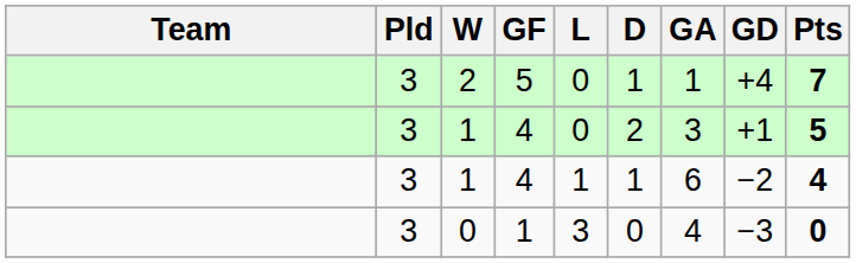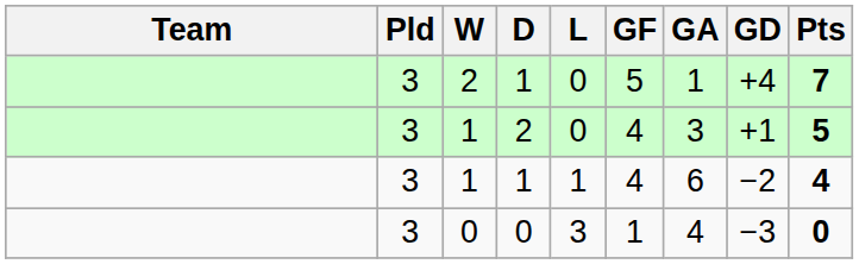 <table class="wikitable" style="text-align:center;">
 <tr>
 <th width=180>Team</th>
 <th width=20>Pld</th>
 <th width=20>W</th>
+<th width=20>D</th>
+<th width=20>L</th>
 <th width=20>GF</th>
-<th width=20>L</th>
-<th width=20>D</th>
 <th width=20>GA</th>
 <th width=20>GD</th>
 <th width=20>Pts</th>
 </tr>
 <tr bgcolor=ccffcc>
 <td align="left"></td>
 <td>3</td>
 <td>2</td>
+<td>1</td>
+<td>0</td>
 <td>5</td>
-<td>0</td>
-<td>1</td>
 <td>1</td>
 <td>+4</td>
 <td><strong>7</strong></td>
 </tr>
 <tr bgcolor=ccffcc>
 <td align="left"><em></em></td>
 <td>3</td>
 <td>1</td>
+<td>2</td>
+<td>0</td>
 <td>4</td>
-<td>0</td>
-<td>2</td>
 <td>3</td>
 <td>+1</td>
 <td><strong>5</strong></td>
 </tr>
 <tr>
 <td align="left"></td>
 <td>3</td>
 <td>1</td>
-<td>4</td>
 <td>1</td>
 <td>1</td>
+<td>4</td>
 <td>6</td>
 <td>−2</td>
 <td><strong>4</strong></td>
 </tr>
 <tr>
 <td align="left"></td>
 <td>3</td>
 <td>0</td>
+<td>0</td>
+<td>3</td>
 <td>1</td>
-<td>3</td>
-<td>0</td>
 <td>4</td>
 <td>−3</td>
 <td><strong>0</strong></td>
 </tr>
 </table>
